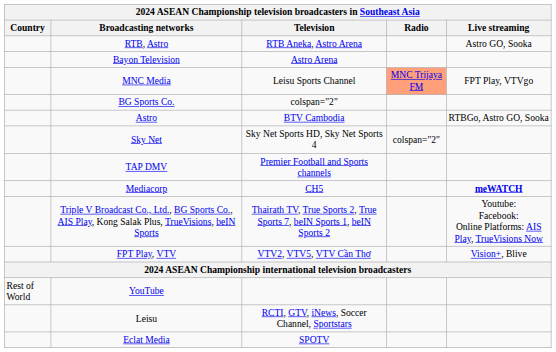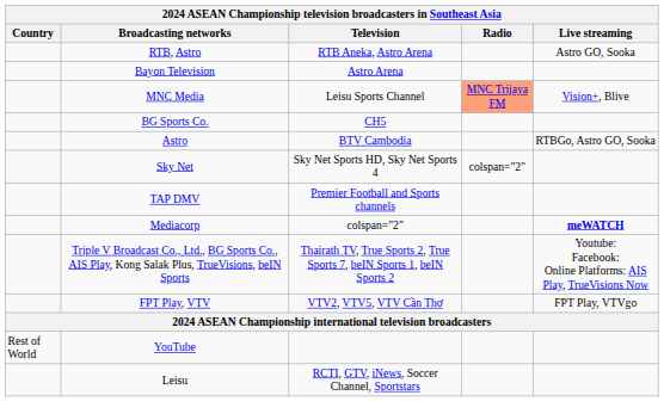 <table class="wikitable" style="font-size:95%; text-align:center;">
 <tr>
 <th colspan="5">2024 ASEAN Championship television broadcasters in <a href='#'>Southeast Asia</a></th>
 </tr>
 <tr>
 <th>Country</th>
 <th>Broadcasting networks</th>
 <th>Television</th>
 <th>Radio</th>
 <th>Live streaming</th>
 </tr>
 <tr>
 <td align="left"></td>
 <td><a href='#'>RTB</a>, <a href='#'>Astro</a></td>
 <td><a href='#'>RTB Aneka</a>, <a href='#'>Astro Arena</a></td>
 <td></td>
 <td>Astro GO, Sooka</td>
 </tr>
 <tr>
 <td align="left"></td>
 <td><a href='#'>Bayon Television</a></td>
 <td><a href='#'>Astro Arena</a></td>
 <td></td>
 <td></td>
 </tr>
 <tr>
 <td align="left"></td>
 <td><a href='#'>MNC Media</a></td>
 <td>Leisu Sports Channel</td>
 <td style="background: lightsalmon;"><a href='#'>MNC Trijaya FM</a></td>
-<td>FPT Play, VTVgo</td>
+<td><a href='#'>Vision+</a>,  Blive</td>
 </tr>
 <tr>
 <td align="left"></td>
 <td><a href='#'>BG Sports Co.</a></td>
-<td>colspan="2" </td>
+<td><a href='#'>CH5</a></td>
 <td></td>
 </tr>
 <tr>
 <td align="left"></td>
 <td><a href='#'>Astro</a></td>
 <td><a href='#'>BTV Cambodia</a></td>
 <td></td>
 <td>RTBGo, Astro GO, Sooka</td>
 </tr>
 <tr>
 <td align="left"></td>
 <td><a href='#'>Sky Net</a></td>
 <td>Sky Net Sports HD, Sky Net Sports 4</td>
 <td>colspan="2" </td>
 </tr>
 <tr>
 <td align="left"></td>
 <td><a href='#'>TAP DMV</a></td>
 <td><a href='#'>Premier Football and Sports channels</a></td>
 <td></td>
 <td></td>
 </tr>
 <tr>
 <td align="left"></td>
 <td><a href='#'>Mediacorp</a></td>
-<td><a href='#'>CH5</a></td>
+<td>colspan="2" </td>
 <td></td>
 <td><strong><a href='#'>meWATCH</a></strong></td>
 </tr>
 <tr>
 <td align="left"></td>
 <td><a href='#'>Triple V Broadcast Co., Ltd.</a>, <a href='#'>BG Sports Co.</a>, <a href='#'>AIS Play</a>, Kong Salak Plus, <a href='#'>TrueVisions</a>, <a href='#'>beIN Sports</a></td>
 <td><a href='#'>Thairath TV</a>, <a href='#'>True Sports 2</a>, <a href='#'>True Sports 7</a>, <a href='#'>beIN Sports 1</a>, <a href='#'>beIN Sports 2</a></td>
 <td></td>
 <td>Youtube:    <br> Facebook:     <br> Online Platforms: <a href='#'>AIS Play</a>, <a href='#'>TrueVisions Now</a></td>
 </tr>
 <tr>
 <td align="left"></td>
 <td><a href='#'>FPT Play</a>, <a href='#'>VTV</a></td>
 <td><a href='#'>VTV2</a>, <a href='#'>VTV5</a>, <a href='#'>VTV Cần Thơ</a></td>
 <td></td>
-<td><a href='#'>Vision+</a>,  Blive</td>
+<td>FPT Play, VTVgo</td>
 </tr>
 <tr>
 <th colspan="5">2024 ASEAN Championship international television broadcasters</th>
 </tr>
 <tr>
 <td style="text-align:left">Rest of World</td>
 <td><a href='#'>YouTube</a></td>
 <td></td>
 <td></td>
 <td></td>
 </tr>
 <tr>
 <td style="text-align:left"></td>
 <td>Leisu</td>
 <td><a href='#'>RCTI</a>, <a href='#'>GTV</a>, <a href='#'>iNews</a>, Soccer Channel, <a href='#'>Sportstars</a></td>
 <td></td>
 <td></td>
 </tr>
-<tr>
-<td style="text-align:left"></td>
-<td><a href='#'>Eclat Media</a></td>
-<td><a href='#'>SPOTV</a></td>
-<td></td>
-<td></td>
-</tr>
 </table>
